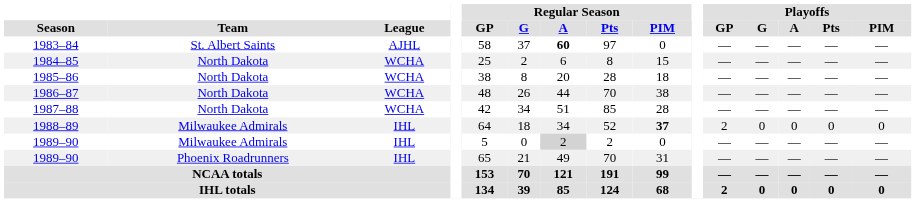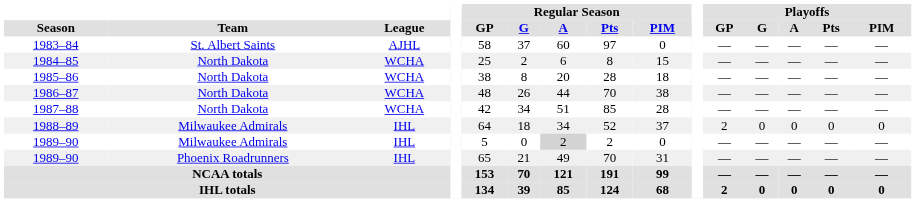 <table border="0" cellpadding="1" cellspacing="0" style="text-align:center; width:70em">
 <tr bgcolor="#e0e0e0">
 <th colspan="3"  bgcolor="#ffffff"> </th>
 <th rowspan="99" bgcolor="#ffffff"> </th>
 <th colspan="5">Regular Season</th>
 <th rowspan="99" bgcolor="#ffffff"> </th>
 <th colspan="5">Playoffs</th>
 </tr>
 <tr bgcolor="#e0e0e0">
 <th>Season</th>
 <th>Team</th>
 <th>League</th>
 <th>GP</th>
 <th><a href='#'>G</a></th>
 <th><a href='#'>A</a></th>
 <th><a href='#'>Pts</a></th>
 <th><a href='#'>PIM</a></th>
 <th>GP</th>
 <th>G</th>
 <th>A</th>
 <th>Pts</th>
 <th>PIM</th>
 </tr>
 <tr>
 <td><a href='#'>1983–84</a></td>
 <td><a href='#'>St. Albert Saints</a></td>
 <td><a href='#'>AJHL</a></td>
 <td>58</td>
 <td>37</td>
-<td><strong>60</strong></td>
+<td>60</td>
 <td>97</td>
 <td>0</td>
 <td>—</td>
 <td>—</td>
 <td>—</td>
 <td>—</td>
 <td>—</td>
 </tr>
 <tr bgcolor="f0f0f0">
 <td><a href='#'>1984–85</a></td>
 <td><a href='#'>North Dakota</a></td>
 <td><a href='#'>WCHA</a></td>
 <td>25</td>
 <td>2</td>
 <td>6</td>
 <td>8</td>
 <td>15</td>
 <td>—</td>
 <td>—</td>
 <td>—</td>
 <td>—</td>
 <td>—</td>
 </tr>
 <tr>
 <td><a href='#'>1985–86</a></td>
 <td><a href='#'>North Dakota</a></td>
 <td><a href='#'>WCHA</a></td>
 <td>38</td>
 <td>8</td>
 <td>20</td>
 <td>28</td>
 <td>18</td>
 <td>—</td>
 <td>—</td>
 <td>—</td>
 <td>—</td>
 <td>—</td>
 </tr>
 <tr bgcolor="f0f0f0">
 <td><a href='#'>1986–87</a></td>
 <td><a href='#'>North Dakota</a></td>
 <td><a href='#'>WCHA</a></td>
 <td>48</td>
 <td>26</td>
 <td>44</td>
 <td>70</td>
 <td>38</td>
 <td>—</td>
 <td>—</td>
 <td>—</td>
 <td>—</td>
 <td>—</td>
 </tr>
 <tr>
 <td><a href='#'>1987–88</a></td>
 <td><a href='#'>North Dakota</a></td>
 <td><a href='#'>WCHA</a></td>
 <td>42</td>
 <td>34</td>
 <td>51</td>
 <td>85</td>
 <td>28</td>
 <td>—</td>
 <td>—</td>
 <td>—</td>
 <td>—</td>
 <td>—</td>
 </tr>
 <tr bgcolor="f0f0f0">
 <td><a href='#'>1988–89</a></td>
 <td><a href='#'>Milwaukee Admirals</a></td>
 <td><a href='#'>IHL</a></td>
 <td>64</td>
 <td>18</td>
 <td>34</td>
 <td>52</td>
-<td><strong>37</strong></td>
+<td>37</td>
 <td>2</td>
 <td>0</td>
 <td>0</td>
 <td>0</td>
 <td>0</td>
 </tr>
 <tr>
 <td><a href='#'>1989–90</a></td>
 <td><a href='#'>Milwaukee Admirals</a></td>
 <td><a href='#'>IHL</a></td>
 <td>5</td>
 <td>0</td>
 <td style="background: lightgrey;">2</td>
 <td>2</td>
 <td>0</td>
 <td>—</td>
 <td>—</td>
 <td>—</td>
 <td>—</td>
 <td>—</td>
 </tr>
 <tr bgcolor="f0f0f0">
 <td><a href='#'>1989–90</a></td>
 <td><a href='#'>Phoenix Roadrunners</a></td>
 <td><a href='#'>IHL</a></td>
 <td>65</td>
 <td>21</td>
 <td>49</td>
 <td>70</td>
 <td>31</td>
 <td>—</td>
 <td>—</td>
 <td>—</td>
 <td>—</td>
 <td>—</td>
 </tr>
 <tr bgcolor="#e0e0e0">
 <th colspan="3">NCAA totals</th>
 <th>153</th>
 <th>70</th>
 <th>121</th>
 <th>191</th>
 <th>99</th>
 <th>—</th>
 <th>—</th>
 <th>—</th>
 <th>—</th>
 <th>—</th>
 </tr>
 <tr bgcolor="#e0e0e0">
 <th colspan="3">IHL totals</th>
 <th>134</th>
 <th>39</th>
 <th>85</th>
 <th>124</th>
 <th>68</th>
 <th>2</th>
 <th>0</th>
 <th>0</th>
 <th>0</th>
 <th>0</th>
 </tr>
 </table>
